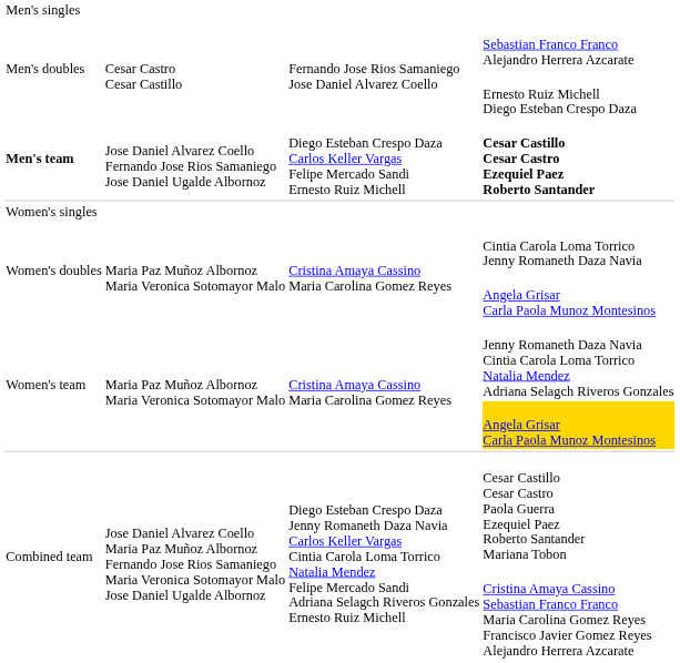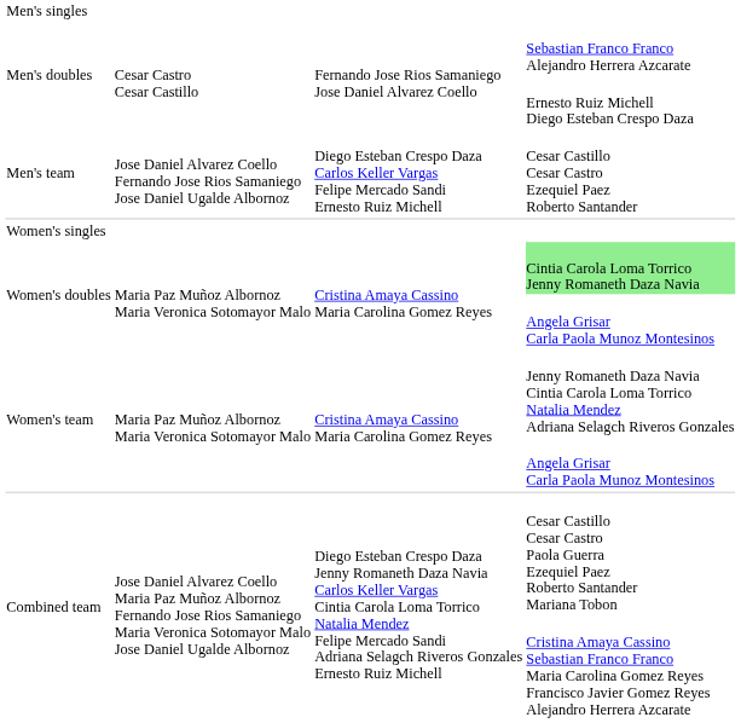 <table>
 <tr>
 <td rowspan=2>Men's singles</td>
 <td rowspan=2></td>
 <td rowspan=2></td>
 <td></td>
 </tr>
 <tr>
 <td></td>
 </tr>
 <tr>
 <td rowspan=2>Men's doubles</td>
 <td rowspan=2><br>Cesar Castro<br>Cesar Castillo</td>
 <td rowspan=2><br>Fernando Jose Rios Samaniego<br>Jose Daniel Alvarez Coello</td>
 <td><br><a href='#'>Sebastian Franco Franco</a><br>Alejandro Herrera Azcarate</td>
 </tr>
 <tr>
 <td><br>Ernesto Ruiz Michell<br>Diego Esteban Crespo Daza</td>
 </tr>
 <tr>
-<td><strong>Men's team</strong></td>
+<td>Men's team</td>
 <td><br>Jose Daniel Alvarez Coello<br>Fernando Jose Rios Samaniego<br>Jose Daniel Ugalde Albornoz</td>
 <td><br>Diego Esteban Crespo Daza<br><a href='#'>Carlos Keller Vargas</a><br>Felipe Mercado Sandi<br>Ernesto Ruiz Michell</td>
-<td><strong><br>Cesar Castillo<br>Cesar Castro<br>Ezequiel Paez<br>Roberto Santander</strong></td>
+<td><br>Cesar Castillo<br>Cesar Castro<br>Ezequiel Paez<br>Roberto Santander</td>
 </tr>
 <tr bgcolor=#DDDDDD>
 <td colspan=7></td>
 </tr>
 <tr>
 <td rowspan=2>Women's singles</td>
 <td rowspan=2></td>
 <td rowspan=2></td>
 <td></td>
 </tr>
 <tr>
 <td></td>
 </tr>
 <tr>
 <td rowspan=2>Women's doubles</td>
 <td rowspan=2><br>Maria Paz Muñoz Albornoz<br>Maria Veronica Sotomayor Malo</td>
 <td rowspan=2><br><a href='#'>Cristina Amaya Cassino</a><br>Maria Carolina Gomez Reyes</td>
-<td><br>Cintia Carola Loma Torrico<br>Jenny Romaneth Daza Navia</td>
+<td style="background: lightgreen;"><br>Cintia Carola Loma Torrico<br>Jenny Romaneth Daza Navia</td>
 </tr>
 <tr>
 <td><br><a href='#'>Angela Grisar</a><br><a href='#'>Carla Paola Munoz Montesinos</a></td>
 </tr>
 <tr>
 <td rowspan=2>Women's team</td>
 <td rowspan=2><br>Maria Paz Muñoz Albornoz<br>Maria Veronica Sotomayor Malo</td>
 <td rowspan=2><br><a href='#'>Cristina Amaya Cassino</a><br>Maria Carolina Gomez Reyes</td>
 <td><br>Jenny Romaneth Daza Navia<br>Cintia Carola Loma Torrico<br><a href='#'>Natalia Mendez</a><br>Adriana Selagch Riveros Gonzales</td>
 </tr>
 <tr>
-<td style="background: gold;"><br><a href='#'>Angela Grisar</a><br><a href='#'>Carla Paola Munoz Montesinos</a></td>
+<td><br><a href='#'>Angela Grisar</a><br><a href='#'>Carla Paola Munoz Montesinos</a></td>
 </tr>
 <tr bgcolor=#DDDDDD>
 <td colspan=7></td>
 </tr>
 <tr>
 <td rowspan=2>Combined team</td>
 <td rowspan=2><br>Jose Daniel Alvarez Coello<br>Maria Paz Muñoz Albornoz<br>Fernando Jose Rios Samaniego<br>Maria Veronica Sotomayor Malo<br>Jose Daniel Ugalde Albornoz</td>
 <td rowspan=2><br>Diego Esteban Crespo Daza<br>Jenny Romaneth Daza Navia<br><a href='#'>Carlos Keller Vargas</a><br>Cintia Carola Loma Torrico<br><a href='#'>Natalia Mendez</a><br>Felipe Mercado Sandi<br>Adriana Selagch Riveros Gonzales<br>Ernesto Ruiz Michell</td>
 <td><br>Cesar Castillo<br>Cesar Castro<br>Paola Guerra<br>Ezequiel Paez<br>Roberto Santander<br>Mariana Tobon</td>
 </tr>
 <tr>
 <td><br><a href='#'>Cristina Amaya Cassino</a><br><a href='#'>Sebastian Franco Franco</a><br>Maria Carolina Gomez Reyes<br>Francisco Javier Gomez Reyes<br>Alejandro Herrera Azcarate</td>
 </tr>
 </table>
